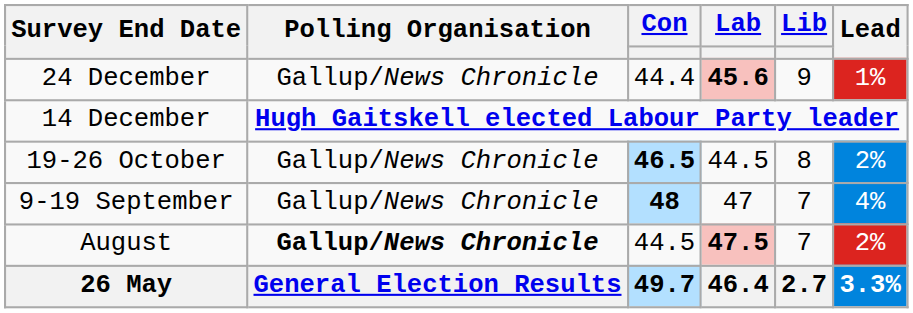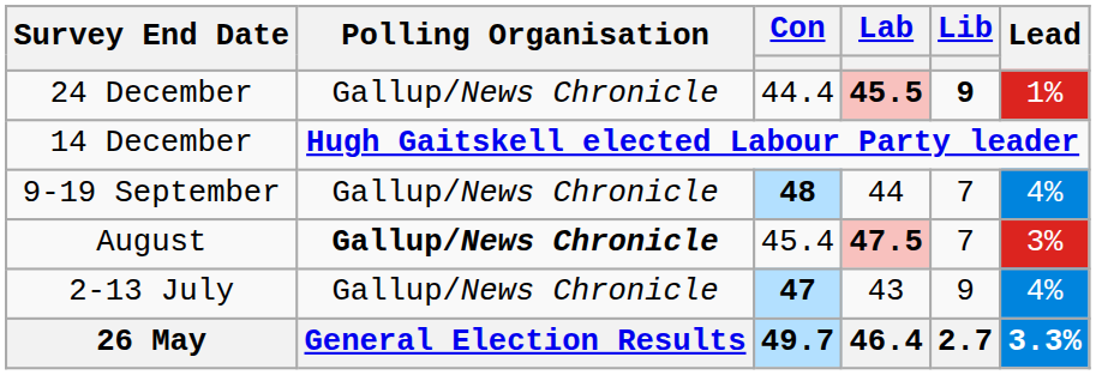 <table class="wikitable" style="text-align: center; line-height: 14px; font-size: 95%;">
 <tr>
 <th rowspan="2">Survey End Date</th>
 <th rowspan="2">Polling Organisation</th>
 <th><a href='#'>Con</a></th>
 <th><a href='#'>Lab</a></th>
 <th><a href='#'>Lib</a></th>
 <th rowspan="2">Lead</th>
 </tr>
 <tr>
 <th style="background:"></th>
 <th style="background:"></th>
 <th style="background:"></th>
 </tr>
 <tr>
 <td>24 December</td>
 <td>Gallup/<em>News Chronicle</em></td>
 <td>44.4</td>
-<td style="background:#F8C1BE"><strong>45.6</strong></td>
-<td>9</td>
+<td style="background:#F8C1BE"><strong>45.5</strong></td>
+<td><strong>9</strong></td>
 <td style="background:#DC241f; color:white;">1%</td>
 </tr>
 <tr>
 <td>14 December</td>
 <td colspan="5"><strong><a href='#'>Hugh Gaitskell elected Labour Party leader</a></strong></td>
 </tr>
 <tr>
-<td>19-26 October</td>
-<td>Gallup/<em>News Chronicle</em></td>
-<td style="background:#b3e0ff"><strong>46.5</strong></td>
-<td>44.5</td>
-<td>8</td>
-<td style="background:#0084dd; color:white;">2%</td>
-</tr>
-<tr>
 <td>9-19 September</td>
 <td>Gallup/<em>News Chronicle</em></td>
 <td style="background:#B3E0FF"><strong>48</strong></td>
-<td>47</td>
+<td>44</td>
 <td>7</td>
 <td style="background:#0084dd; color:white;">4%</td>
 </tr>
 <tr>
 <td>August</td>
 <td><strong>Gallup/<em>News Chronicle</em></strong></td>
-<td>44.5</td>
+<td>45.4</td>
 <td style="background:#F8C1BE"><strong>47.5</strong></td>
 <td>7</td>
-<td style="background:#DC241f; color:white;">2%</td>
+<td style="background:#DC241f; color:white;">3%</td>
+</tr>
+<tr>
+<td>2-13 July</td>
+<td>Gallup/<em>News Chronicle</em></td>
+<td style="background:#B3E0FF"><strong>47</strong></td>
+<td>43</td>
+<td>9</td>
+<td style="background:#0084dd; color:white;">4%</td>
 </tr>
 <tr>
 <th>26 May</th>
 <th><a href='#'>General Election Results</a></th>
 <th style="background:#B3E0FF"><strong>49.7</strong></th>
 <th>46.4</th>
 <th>2.7</th>
 <th style="background:#0084dd; color:white;">3.3%</th>
 </tr>
 </table>
